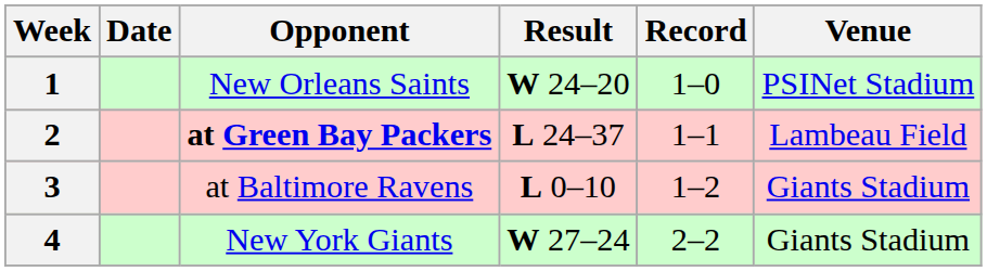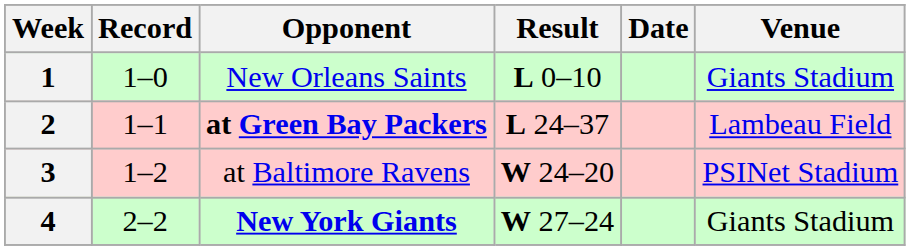 <table class="wikitable" style="text-align:center">
 <tr>
 <th>Week</th>
-<th>Date</th>
+<th>Record</th>
 <th>Opponent</th>
 <th>Result</th>
-<th>Record</th>
+<th>Date</th>
 <th>Venue</th>
 </tr>
 <tr style="background:#cfc">
 <th>1</th>
+<td>1–0</td>
+<td><a href='#'>New Orleans Saints</a></td>
+<td><strong>L</strong> 0–10</td>
 <td></td>
-<td><a href='#'>New Orleans Saints</a></td>
-<td><strong>W</strong> 24–20</td>
-<td>1–0</td>
-<td><a href='#'>PSINet Stadium</a></td>
+<td><a href='#'>Giants Stadium</a></td>
 </tr>
 <tr style="background:#fcc">
 <th>2</th>
-<td></td>
+<td>1–1</td>
 <td><strong>at <a href='#'>Green Bay Packers</a></strong></td>
 <td><strong>L</strong> 24–37</td>
-<td>1–1</td>
+<td></td>
 <td><a href='#'>Lambeau Field</a></td>
 </tr>
 <tr style="background:#fcc">
 <th>3</th>
+<td>1–2</td>
+<td>at <a href='#'>Baltimore Ravens</a></td>
+<td><strong>W</strong> 24–20</td>
 <td></td>
-<td>at <a href='#'>Baltimore Ravens</a></td>
-<td><strong>L</strong> 0–10</td>
-<td>1–2</td>
-<td><a href='#'>Giants Stadium</a></td>
+<td><a href='#'>PSINet Stadium</a></td>
 </tr>
 <tr style="background:#cfc">
 <th>4</th>
+<td>2–2</td>
+<td><strong><a href='#'>New York Giants</a></strong></td>
+<td><strong>W</strong> 27–24</td>
 <td></td>
-<td><a href='#'>New York Giants</a></td>
-<td><strong>W</strong> 27–24</td>
-<td>2–2</td>
 <td>Giants Stadium</td>
 </tr>
 </table>
